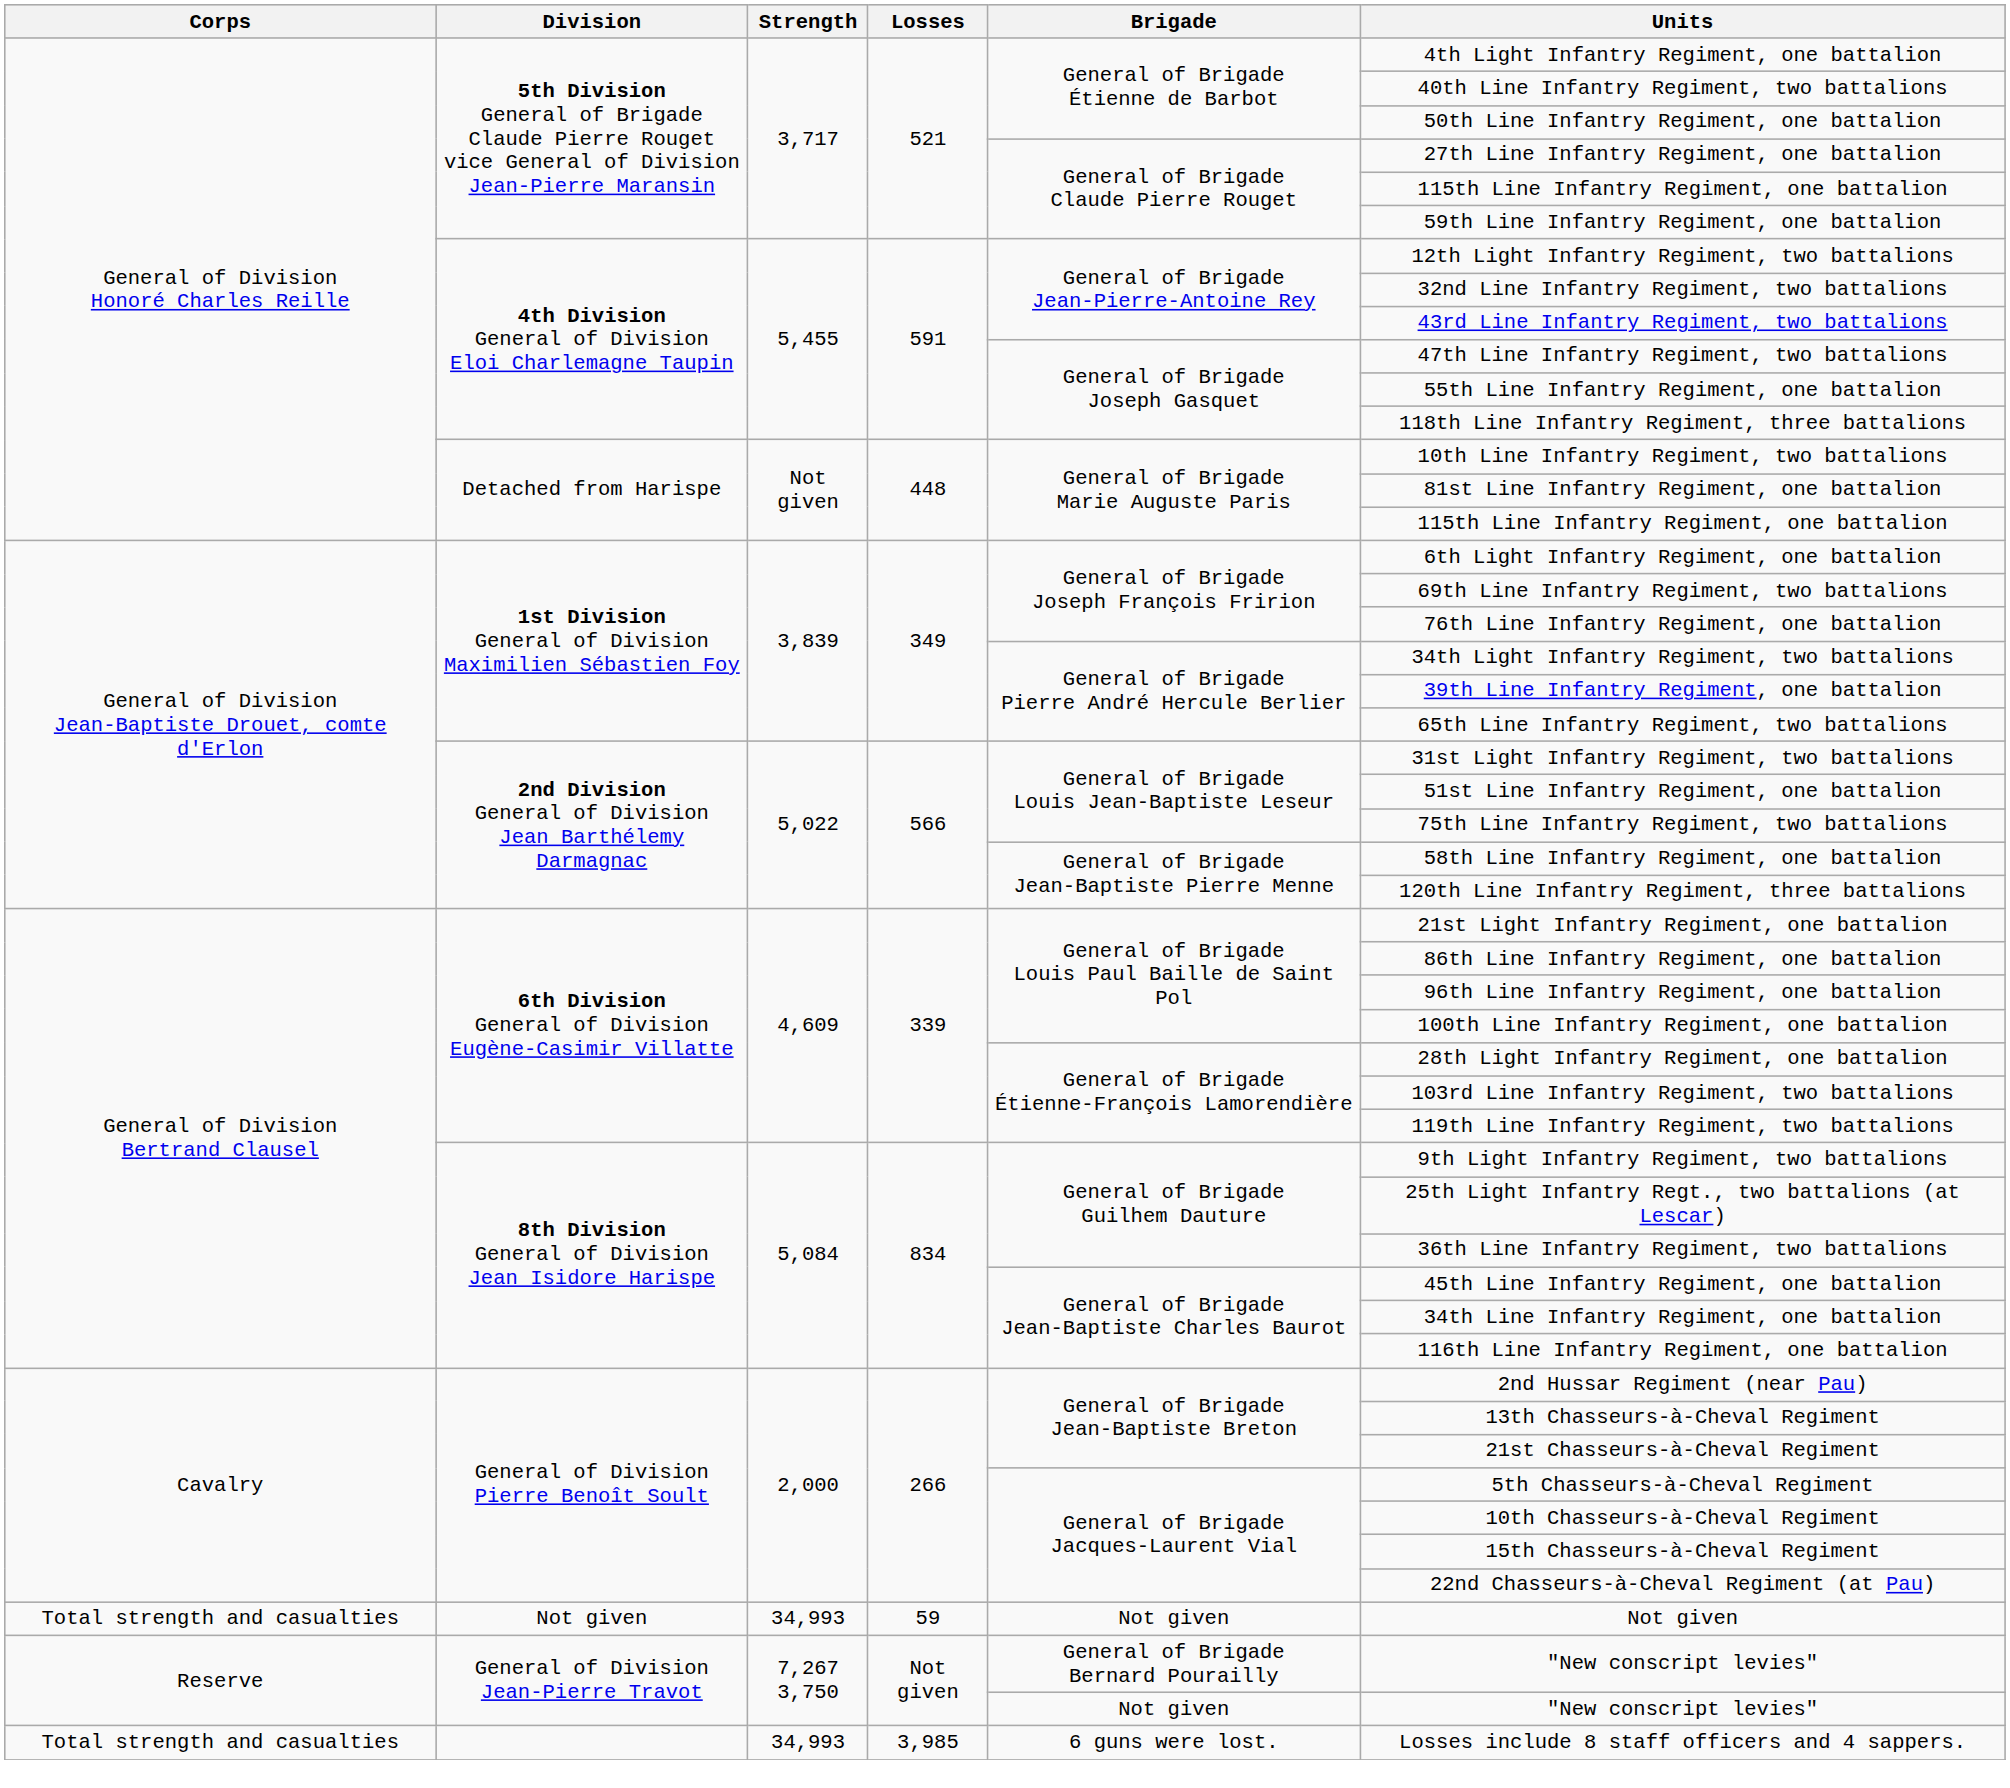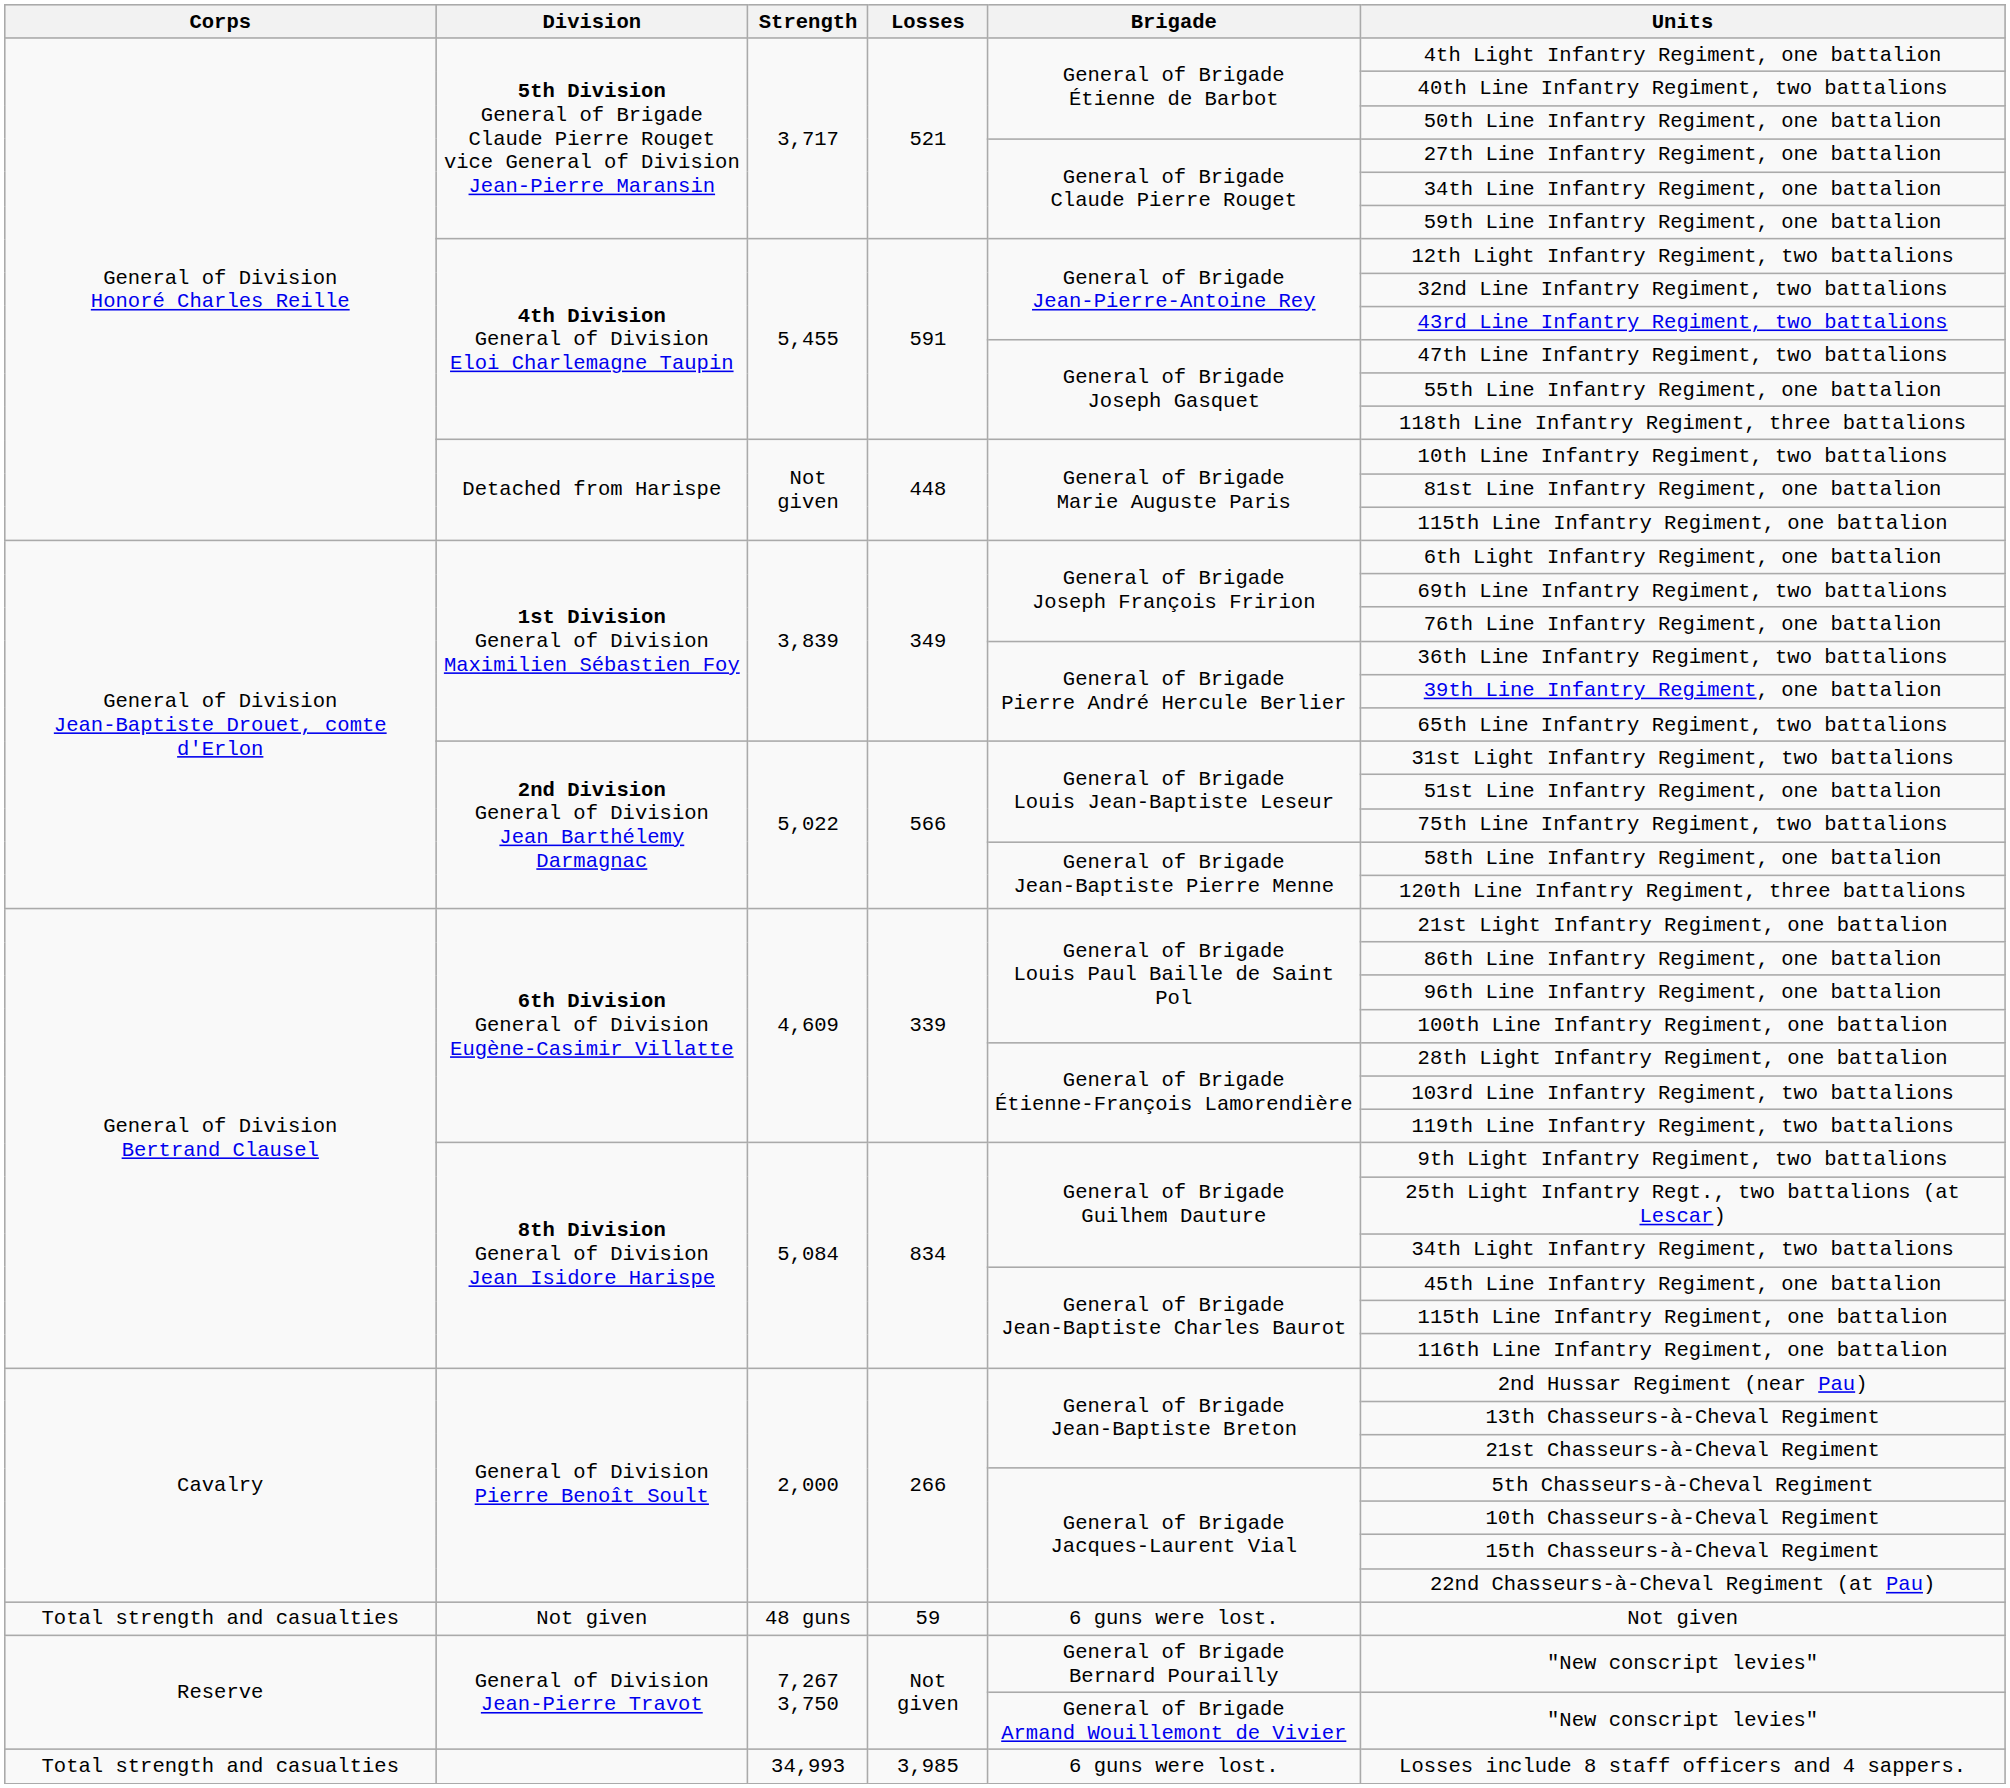 <table class="wikitable" style="text-align:center; width:80%;">
 <tr>
 <th>Corps</th>
 <th>Division</th>
 <th>Strength</th>
 <th>Losses</th>
 <th>Brigade</th>
 <th>Units</th>
 </tr>
 <tr>
 <td ROWSPAN=15>General of Division<br><a href='#'>Honoré Charles Reille</a><br></td>
 <td ROWSPAN=6><strong>5th Division</strong><br>General of Brigade<br>Claude Pierre Rouget <br>vice General of Division<br><a href='#'>Jean-Pierre Maransin</a></td>
 <td ROWSPAN=6>3,717</td>
 <td ROWSPAN=6>521</td>
 <td ROWSPAN=3>General of Brigade<br>Étienne de Barbot</td>
 <td>4th Light Infantry Regiment, one battalion</td>
 </tr>
 <tr>
 <td>40th Line Infantry Regiment, two battalions</td>
 </tr>
 <tr>
 <td>50th Line Infantry Regiment, one battalion</td>
 </tr>
 <tr>
 <td ROWSPAN=3>General of Brigade<br>Claude Pierre Rouget</td>
 <td>27th Line Infantry Regiment, one battalion</td>
 </tr>
 <tr>
-<td>115th Line Infantry Regiment, one battalion</td>
+<td>34th Line Infantry Regiment, one battalion</td>
 </tr>
 <tr>
 <td>59th Line Infantry Regiment, one battalion</td>
 </tr>
 <tr>
 <td ROWSPAN=6><strong>4th Division</strong><br>General of Division<br><a href='#'>Eloi Charlemagne Taupin</a><br></td>
 <td ROWSPAN=6>5,455</td>
 <td ROWSPAN=6>591</td>
 <td ROWSPAN=3>General of Brigade<br><a href='#'>Jean-Pierre-Antoine Rey</a></td>
 <td>12th Light Infantry Regiment, two battalions</td>
 </tr>
 <tr>
 <td>32nd Line Infantry Regiment, two battalions</td>
 </tr>
 <tr>
 <td><a href='#'>43rd Line Infantry Regiment, two battalions</a></td>
 </tr>
 <tr>
 <td ROWSPAN=3>General of Brigade<br>Joseph Gasquet</td>
 <td>47th Line Infantry Regiment, two battalions</td>
 </tr>
 <tr>
 <td>55th Line Infantry Regiment, one battalion</td>
 </tr>
 <tr>
 <td>118th Line Infantry Regiment, three battalions</td>
 </tr>
 <tr>
 <td ROWSPAN=3>Detached from Harispe</td>
 <td ROWSPAN=3>Not given</td>
 <td ROWSPAN=3>448</td>
 <td ROWSPAN=3>General of Brigade<br>Marie Auguste Paris</td>
 <td>10th Line Infantry Regiment, two battalions</td>
 </tr>
 <tr>
 <td>81st Line Infantry Regiment, one battalion</td>
 </tr>
 <tr>
 <td>115th Line Infantry Regiment, one battalion</td>
 </tr>
 <tr>
 <td ROWSPAN=11>General of Division<br><a href='#'>Jean-Baptiste Drouet, comte d'Erlon</a><br></td>
 <td ROWSPAN=6><strong>1st Division</strong><br>General of Division<br><a href='#'>Maximilien Sébastien Foy</a><br></td>
 <td ROWSPAN=6>3,839</td>
 <td ROWSPAN=6>349</td>
 <td ROWSPAN=3>General of Brigade<br>Joseph François Fririon</td>
 <td>6th Light Infantry Regiment, one battalion</td>
 </tr>
 <tr>
 <td>69th Line Infantry Regiment, two battalions</td>
 </tr>
 <tr>
 <td>76th Line Infantry Regiment, one battalion</td>
 </tr>
 <tr>
 <td ROWSPAN=3>General of Brigade<br>Pierre André Hercule Berlier</td>
-<td>34th Light Infantry Regiment, two battalions</td>
+<td>36th Line Infantry Regiment, two battalions</td>
 </tr>
 <tr>
 <td><a href='#'>39th Line Infantry Regiment</a>, one battalion</td>
 </tr>
 <tr>
 <td>65th Line Infantry Regiment, two battalions</td>
 </tr>
 <tr>
 <td ROWSPAN=5><strong>2nd Division</strong><br>General of Division<br><a href='#'>Jean Barthélemy Darmagnac</a><br></td>
 <td ROWSPAN=5>5,022</td>
 <td ROWSPAN=5>566</td>
 <td ROWSPAN=3>General of Brigade<br>Louis Jean-Baptiste Leseur</td>
 <td>31st Light Infantry Regiment, two battalions</td>
 </tr>
 <tr>
 <td>51st Line Infantry Regiment, one battalion</td>
 </tr>
 <tr>
 <td>75th Line Infantry Regiment, two battalions</td>
 </tr>
 <tr>
 <td ROWSPAN=2>General of Brigade<br>Jean-Baptiste Pierre Menne</td>
 <td>58th Line Infantry Regiment, one battalion</td>
 </tr>
 <tr>
 <td>120th Line Infantry Regiment, three battalions</td>
 </tr>
 <tr>
 <td ROWSPAN=13>General of Division<br><a href='#'>Bertrand Clausel</a><br></td>
 <td ROWSPAN=7><strong>6th Division</strong><br>General of Division<br><a href='#'>Eugène-Casimir Villatte</a><br></td>
 <td ROWSPAN=7>4,609</td>
 <td ROWSPAN=7>339</td>
 <td ROWSPAN=4>General of Brigade<br>Louis Paul Baille de Saint Pol</td>
 <td>21st Light Infantry Regiment, one battalion</td>
 </tr>
 <tr>
 <td>86th Line Infantry Regiment, one battalion</td>
 </tr>
 <tr>
 <td>96th Line Infantry Regiment, one battalion</td>
 </tr>
 <tr>
 <td>100th Line Infantry Regiment, one battalion</td>
 </tr>
 <tr>
 <td ROWSPAN=3>General of Brigade<br>Étienne-François Lamorendière</td>
 <td>28th Light Infantry Regiment, one battalion</td>
 </tr>
 <tr>
 <td>103rd Line Infantry Regiment, two battalions</td>
 </tr>
 <tr>
 <td>119th Line Infantry Regiment, two battalions</td>
 </tr>
 <tr>
 <td ROWSPAN=6><strong>8th Division</strong><br>General of Division<br><a href='#'>Jean Isidore Harispe</a><br></td>
 <td ROWSPAN=6>5,084</td>
 <td ROWSPAN=6>834</td>
 <td ROWSPAN=3>General of Brigade<br>Guilhem Dauture</td>
 <td>9th Light Infantry Regiment, two battalions</td>
 </tr>
 <tr>
 <td>25th Light Infantry Regt., two battalions (at <a href='#'>Lescar</a>)</td>
 </tr>
 <tr>
-<td>36th Line Infantry Regiment, two battalions</td>
+<td>34th Light Infantry Regiment, two battalions</td>
 </tr>
 <tr>
 <td ROWSPAN=3>General of Brigade<br>Jean-Baptiste Charles Baurot</td>
 <td>45th Line Infantry Regiment, one battalion</td>
 </tr>
 <tr>
-<td>34th Line Infantry Regiment, one battalion</td>
+<td>115th Line Infantry Regiment, one battalion</td>
 </tr>
 <tr>
 <td>116th Line Infantry Regiment, one battalion</td>
 </tr>
 <tr>
 <td ROWSPAN=7>Cavalry</td>
 <td ROWSPAN=7>General of Division<br><a href='#'>Pierre Benoît Soult</a></td>
 <td ROWSPAN=7>2,000</td>
 <td ROWSPAN=7>266</td>
 <td ROWSPAN=3>General of Brigade<br>Jean-Baptiste Breton</td>
 <td>2nd Hussar Regiment (near <a href='#'>Pau</a>)</td>
 </tr>
 <tr>
 <td>13th Chasseurs-à-Cheval Regiment</td>
 </tr>
 <tr>
 <td>21st Chasseurs-à-Cheval Regiment</td>
 </tr>
 <tr>
 <td ROWSPAN=4>General of Brigade<br>Jacques-Laurent Vial</td>
 <td>5th Chasseurs-à-Cheval Regiment</td>
 </tr>
 <tr>
 <td>10th Chasseurs-à-Cheval Regiment</td>
 </tr>
 <tr>
 <td>15th Chasseurs-à-Cheval Regiment</td>
 </tr>
 <tr>
 <td>22nd Chasseurs-à-Cheval Regiment (at <a href='#'>Pau</a>)</td>
 </tr>
 <tr>
 <td ROWSPAN=1>Total strength and casualties</td>
 <td ROWSPAN=1>Not given</td>
-<td ROWSPAN=1>34,993</td>
+<td ROWSPAN=1>48 guns</td>
 <td ROWSPAN=1>59</td>
-<td ROWSPAN=1>Not given</td>
+<td ROWSPAN=1>6 guns were lost.</td>
 <td>Not given</td>
 </tr>
 <tr>
 <td ROWSPAN=2>Reserve</td>
 <td ROWSPAN=2>General of Division<br><a href='#'>Jean-Pierre Travot</a><br></td>
 <td ROWSPAN=2>7,267<br>3,750</td>
 <td ROWSPAN=2>Not given</td>
 <td ROWSPAN=1>General of Brigade<br>Bernard Pourailly</td>
 <td>"New conscript levies"</td>
 </tr>
 <tr>
-<td ROWSPAN=1>Not given</td>
+<td ROWSPAN=1>General of Brigade<br><a href='#'>Armand Wouillemont de Vivier</a></td>
 <td>"New conscript levies"</td>
 </tr>
 <tr>
 <td ROWSPAN=1>Total strength and casualties</td>
 <td ROWSPAN=1></td>
 <td ROWSPAN=1>34,993</td>
 <td ROWSPAN=1>3,985</td>
 <td ROWSPAN=1>6 guns were lost.</td>
 <td>Losses include 8 staff officers and 4 sappers.</td>
 </tr>
 <tr>
 </tr>
 </table>
